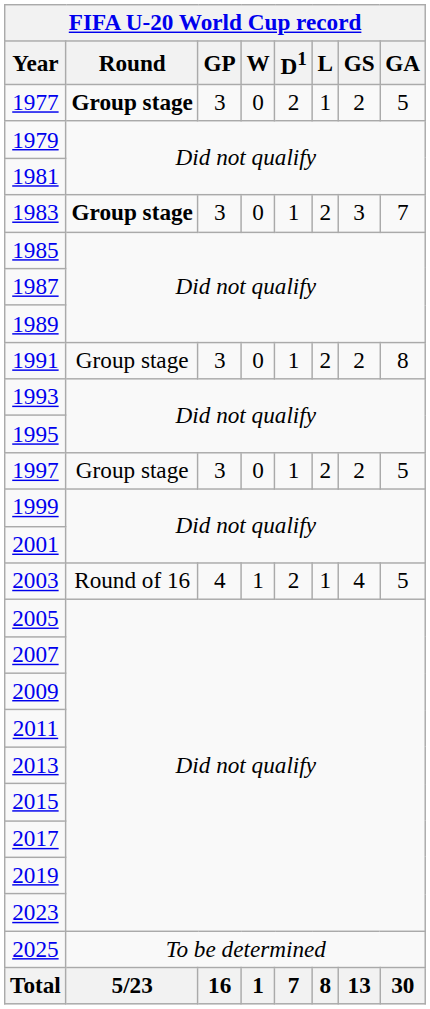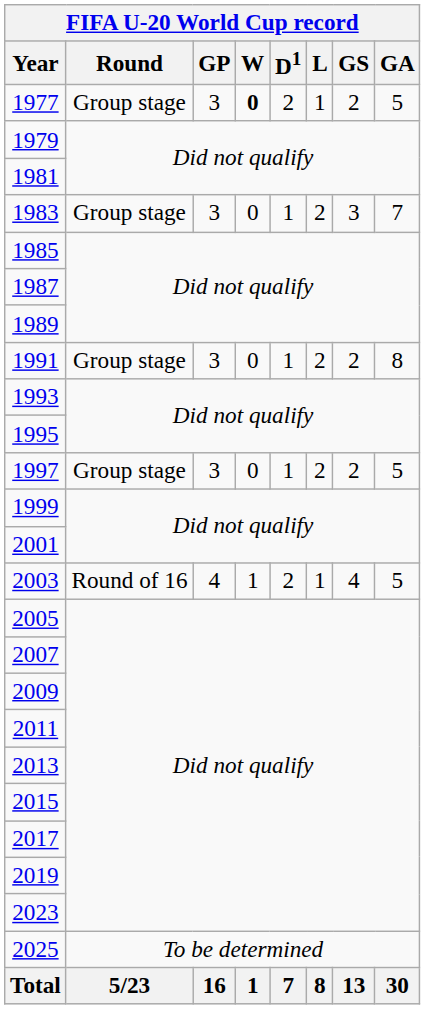 <table class="wikitable" style="text-align: center;">
 <tr>
 <th colspan=8><a href='#'>FIFA U-20 World Cup record</a></th>
 </tr>
 <tr>
 <th>Year</th>
 <th>Round</th>
 <th>GP</th>
 <th>W</th>
 <th>D<sup>1</sup></th>
 <th>L</th>
 <th>GS</th>
 <th>GA</th>
 </tr>
 <tr>
 <td> <a href='#'>1977</a></td>
-<td><strong>Group stage</strong></td>
+<td>Group stage</td>
 <td>3</td>
-<td>0</td>
+<td><strong>0</strong></td>
 <td>2</td>
 <td>1</td>
 <td>2</td>
 <td>5</td>
 </tr>
 <tr>
 <td> <a href='#'>1979</a></td>
 <td colspan=7 rowspan=2><em>Did not qualify</em></td>
 </tr>
 <tr>
 <td> <a href='#'>1981</a></td>
 </tr>
 <tr>
 <td> <a href='#'>1983</a></td>
-<td><strong>Group stage</strong></td>
+<td>Group stage</td>
 <td>3</td>
 <td>0</td>
 <td>1</td>
 <td>2</td>
 <td>3</td>
 <td>7</td>
 </tr>
 <tr>
 <td> <a href='#'>1985</a></td>
 <td colspan=7 rowspan=3><em>Did not qualify</em></td>
 </tr>
 <tr>
 <td> <a href='#'>1987</a></td>
 </tr>
 <tr>
 <td> <a href='#'>1989</a></td>
 </tr>
 <tr>
 <td> <a href='#'>1991</a></td>
 <td>Group stage</td>
 <td>3</td>
 <td>0</td>
 <td>1</td>
 <td>2</td>
 <td>2</td>
 <td>8</td>
 </tr>
 <tr>
 <td> <a href='#'>1993</a></td>
 <td colspan=7 rowspan=2><em>Did not qualify</em></td>
 </tr>
 <tr>
 <td> <a href='#'>1995</a></td>
 </tr>
 <tr>
 <td> <a href='#'>1997</a></td>
 <td>Group stage</td>
 <td>3</td>
 <td>0</td>
 <td>1</td>
 <td>2</td>
 <td>2</td>
 <td>5</td>
 </tr>
 <tr>
 <td> <a href='#'>1999</a></td>
 <td colspan=7 rowspan=2><em>Did not qualify</em></td>
 </tr>
 <tr>
 <td> <a href='#'>2001</a></td>
 </tr>
 <tr>
 <td> <a href='#'>2003</a></td>
 <td>Round of 16</td>
 <td>4</td>
 <td>1</td>
 <td>2</td>
 <td>1</td>
 <td>4</td>
 <td>5</td>
 </tr>
 <tr>
 <td> <a href='#'>2005</a></td>
 <td colspan=7 rowspan=9><em>Did not qualify</em></td>
 </tr>
 <tr>
 <td> <a href='#'>2007</a></td>
 </tr>
 <tr>
 <td> <a href='#'>2009</a></td>
 </tr>
 <tr>
 <td> <a href='#'>2011</a></td>
 </tr>
 <tr>
 <td> <a href='#'>2013</a></td>
 </tr>
 <tr>
 <td> <a href='#'>2015</a></td>
 </tr>
 <tr>
 <td> <a href='#'>2017</a></td>
 </tr>
 <tr>
 <td> <a href='#'>2019</a></td>
 </tr>
 <tr>
 <td> <a href='#'>2023</a></td>
 </tr>
 <tr>
 <td> <a href='#'>2025</a></td>
 <td colspan="7"><em>To be determined</em></td>
 </tr>
 <tr>
 <th><strong>Total</strong></th>
 <th>5/23</th>
 <th>16</th>
 <th>1</th>
 <th>7</th>
 <th>8</th>
 <th>13</th>
 <th>30</th>
 </tr>
 </table>
